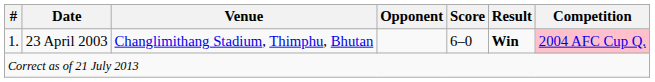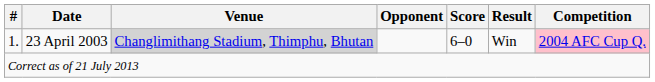 <table class="wikitable" style="font-size:95%;">
 <tr>
 <th>#</th>
 <th>Date</th>
 <th>Venue</th>
 <th>Opponent</th>
 <th>Score</th>
 <th>Result</th>
 <th>Competition</th>
 </tr>
 <tr>
 <td>1.</td>
 <td>23 April 2003</td>
-<td><a href='#'>Changlimithang Stadium</a>, <a href='#'>Thimphu</a>, <a href='#'>Bhutan</a></td>
+<td style="background: lightgrey;"><a href='#'>Changlimithang Stadium</a>, <a href='#'>Thimphu</a>, <a href='#'>Bhutan</a></td>
 <td></td>
 <td>6–0</td>
-<td><strong>Win</strong></td>
+<td>Win</td>
 <td style="background: pink;"><a href='#'>2004 AFC Cup Q.</a></td>
 </tr>
 <tr>
 <td colspan="12"><small><em>Correct as of 21 July 2013</em></small></td>
 </tr>
 </table>
